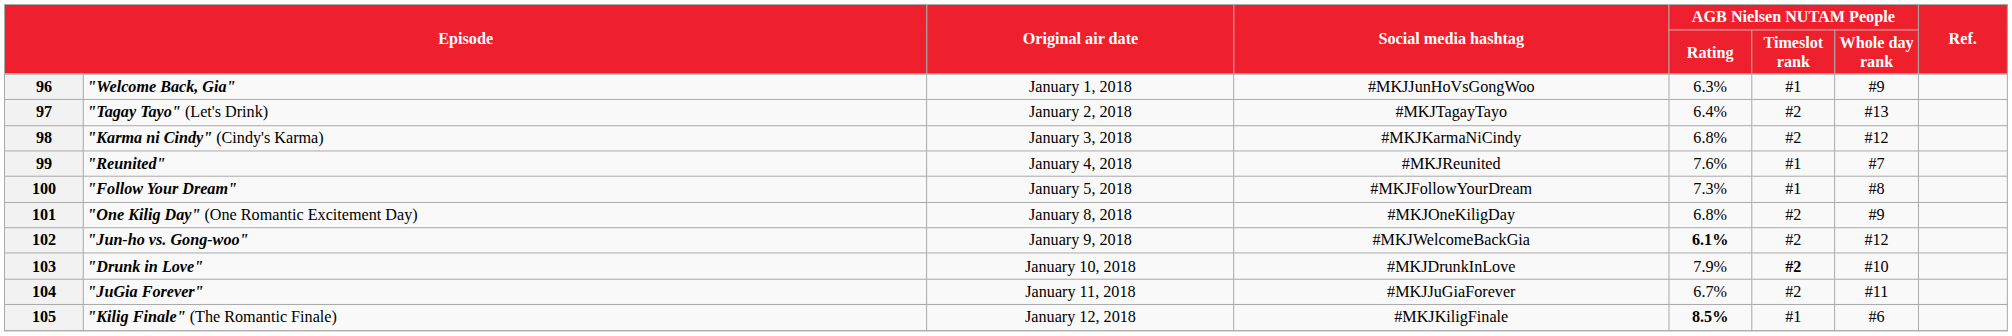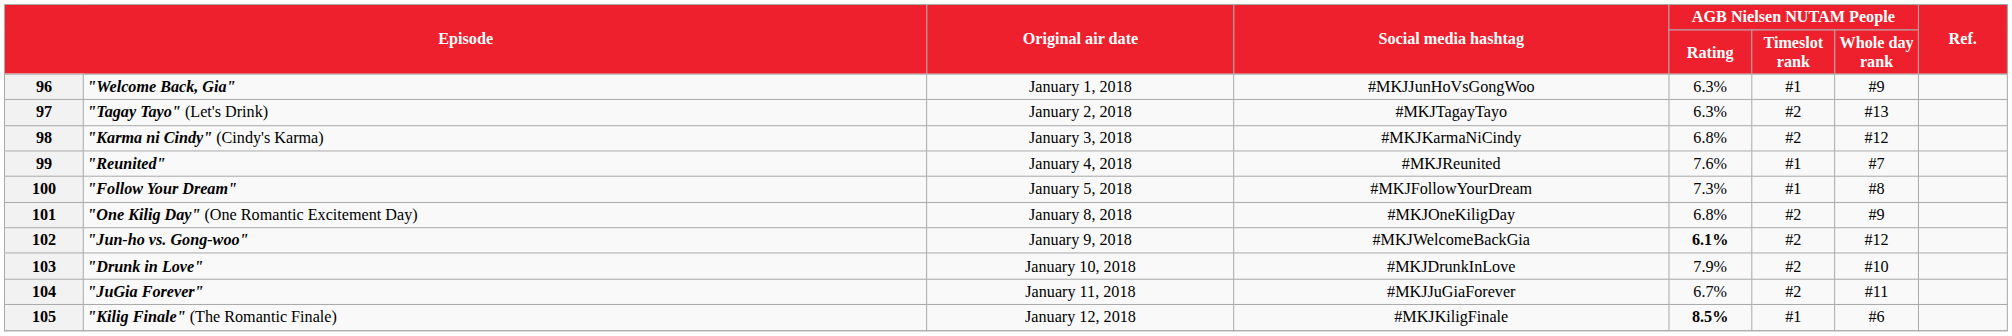 <table class="wikitable" style="text-align:center; font-size:100%; line-height:18px;"  width="100%">
 <tr>
 <th style="background-color:#ee202d; color:#ffffff;" colspan="2" rowspan="2">Episode</th>
 <th style="background:#ee202d; color:white" rowspan="2">Original air date</th>
 <th style="background:#ee202d; color:white" rowspan="2">Social media hashtag</th>
 <th style="background-color:#ee202d; color:#ffffff;" colspan="3">AGB Nielsen NUTAM People</th>
 <th style="background-color:#ee202d; color:#ffffff;" rowspan="2">Ref.</th>
 </tr>
 <tr>
 <th style="background-color:#ee202d; width:75px; color:#ffffff;">Rating</th>
 <th style="background-color:#ee202d; width:75px; color:#ffffff;">Timeslot<br>rank</th>
 <th style="background-color:#ee202d; width:75px; color:#ffffff;">Whole day<br>rank</th>
 </tr>
 <tr>
 <th>96</th>
 <td style="text-align: left;"><strong><em>"Welcome Back, Gia"</em></strong></td>
 <td>January 1, 2018</td>
 <td>#MKJJunHoVsGongWoo</td>
 <td>6.3%</td>
 <td>#1</td>
 <td>#9</td>
 <td></td>
 </tr>
 <tr>
 <th>97</th>
 <td style="text-align: left;"><strong><em>"Tagay Tayo"</em></strong> (Let's Drink)</td>
 <td>January 2, 2018</td>
 <td>#MKJTagayTayo</td>
-<td>6.4%</td>
+<td>6.3%</td>
 <td>#2</td>
 <td>#13</td>
 <td></td>
 </tr>
 <tr>
 <th>98</th>
 <td style="text-align: left;"><strong><em>"Karma ni Cindy"</em></strong> (Cindy's Karma)</td>
 <td>January 3, 2018</td>
 <td>#MKJKarmaNiCindy</td>
 <td>6.8%</td>
 <td>#2</td>
 <td>#12</td>
 <td></td>
 </tr>
 <tr>
 <th>99</th>
 <td style="text-align: left;"><strong><em>"Reunited"</em></strong></td>
 <td>January 4, 2018</td>
 <td>#MKJReunited</td>
 <td>7.6%</td>
 <td>#1</td>
 <td>#7</td>
 <td></td>
 </tr>
 <tr>
 <th>100</th>
 <td style="text-align: left;"><strong><em>"Follow Your Dream"</em></strong></td>
 <td>January 5, 2018</td>
 <td>#MKJFollowYourDream</td>
 <td>7.3%</td>
 <td>#1</td>
 <td>#8</td>
 <td></td>
 </tr>
 <tr>
 <th>101</th>
 <td style="text-align: left;"><strong><em>"One Kilig Day"</em></strong> (One Romantic Excitement Day)</td>
 <td>January 8, 2018</td>
 <td>#MKJOneKiligDay</td>
 <td>6.8%</td>
 <td>#2</td>
 <td>#9</td>
 <td></td>
 </tr>
 <tr>
 <th>102</th>
 <td style="text-align: left;"><strong><em>"Jun-ho vs. Gong-woo"</em></strong></td>
 <td>January 9, 2018</td>
 <td>#MKJWelcomeBackGia</td>
 <td><span><strong>6.1%</strong></span></td>
 <td>#2</td>
 <td>#12</td>
 <td></td>
 </tr>
 <tr>
 <th>103</th>
 <td style="text-align: left;"><strong><em>"Drunk in Love"</em></strong></td>
 <td>January 10, 2018</td>
 <td>#MKJDrunkInLove</td>
 <td>7.9%</td>
-<td><strong>#2</strong></td>
+<td>#2</td>
 <td>#10</td>
 <td></td>
 </tr>
 <tr>
 <th>104</th>
 <td style="text-align: left;"><strong><em>"JuGia Forever"</em></strong></td>
 <td>January 11, 2018</td>
 <td>#MKJJuGiaForever</td>
 <td>6.7%</td>
 <td>#2</td>
 <td>#11</td>
 <td></td>
 </tr>
 <tr>
 <th>105</th>
 <td style="text-align: left;"><strong><em>"Kilig Finale"</em></strong> (The Romantic Finale)</td>
 <td>January 12, 2018</td>
 <td>#MKJKiligFinale</td>
 <td><span><strong>8.5%</strong></span></td>
 <td>#1</td>
 <td>#6</td>
 <td></td>
 </tr>
 <tr>
 </tr>
 </table>
